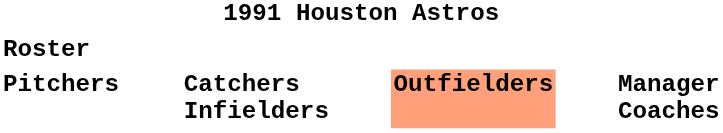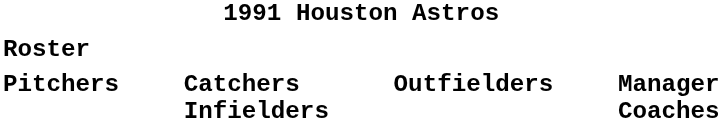 <table class="toccolours" style="font-size: 95%;">
 <tr>
 <th colspan="10">1991 Houston Astros</th>
 </tr>
 <tr>
 <td colspan="10"><strong>Roster</strong></td>
 </tr>
 <tr>
 <td valign="top"><strong>Pitchers</strong><br>                  </td>
 <td width="25px"></td>
 <td valign="top"><strong>Catchers</strong><br>    <strong>Infielders</strong>            </td>
 <td width="25px"></td>
-<td valign="top" style="background: lightsalmon;"><strong>Outfielders</strong><br>        </td>
+<td valign="top"><strong>Outfielders</strong><br>        </td>
 <td width="25px"></td>
 <td valign="top"><strong>Manager</strong><br> <strong>Coaches</strong>     </td>
 </tr>
 </table>
